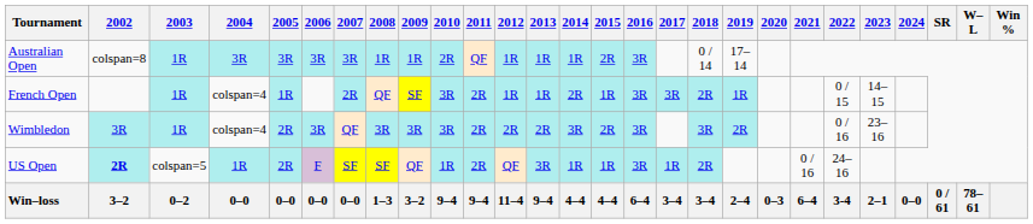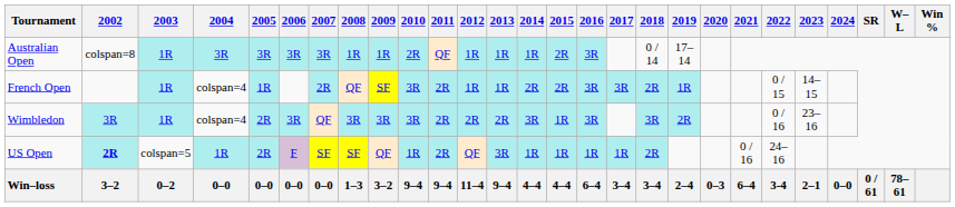 <table class=wikitable style=text-align:center>
 <tr>
 <th>Tournament</th>
 <th><a href='#'>2002</a></th>
 <th><a href='#'>2003</a></th>
 <th><a href='#'>2004</a></th>
 <th><a href='#'>2005</a></th>
 <th><a href='#'>2006</a></th>
 <th><a href='#'>2007</a></th>
 <th><a href='#'>2008</a></th>
 <th><a href='#'>2009</a></th>
 <th><a href='#'>2010</a></th>
 <th><a href='#'>2011</a></th>
 <th><a href='#'>2012</a></th>
 <th><a href='#'>2013</a></th>
 <th><a href='#'>2014</a></th>
 <th><a href='#'>2015</a></th>
 <th><a href='#'>2016</a></th>
 <th><a href='#'>2017</a></th>
 <th><a href='#'>2018</a></th>
 <th><a href='#'>2019</a></th>
 <th><a href='#'>2020</a></th>
 <th><a href='#'>2021</a></th>
 <th><a href='#'>2022</a></th>
 <th><a href='#'>2023</a></th>
 <th><a href='#'>2024</a></th>
 <th>SR</th>
 <th>W–L</th>
 <th>Win %</th>
 </tr>
 <tr>
 <td align=left><a href='#'>Australian Open</a></td>
 <td>colspan=8 </td>
 <td style=background:#afeeee><a href='#'>1R</a></td>
 <td style=background:#afeeee><a href='#'>3R</a></td>
 <td style=background:#afeeee><a href='#'>3R</a></td>
 <td style=background:#afeeee><a href='#'>3R</a></td>
 <td style=background:#afeeee><a href='#'>3R</a></td>
 <td style=background:#afeeee><a href='#'>1R</a></td>
 <td style=background:#afeeee><a href='#'>1R</a></td>
 <td style=background:#afeeee><a href='#'>2R</a></td>
 <td style=background:#ffebcd><a href='#'>QF</a></td>
 <td style=background:#afeeee><a href='#'>1R</a></td>
 <td style=background:#afeeee><a href='#'>1R</a></td>
 <td style=background:#afeeee><a href='#'>1R</a></td>
 <td style=background:#afeeee><a href='#'>2R</a></td>
 <td style=background:#afeeee><a href='#'>3R</a></td>
 <td></td>
 <td>0 / 14</td>
 <td>17–14</td>
 <td></td>
 </tr>
 <tr>
 <td align=left><a href='#'>French Open</a></td>
 <td></td>
 <td style=background:#afeeee><a href='#'>1R</a></td>
 <td>colspan=4 </td>
 <td style=background:#afeeee><a href='#'>1R</a></td>
 <td></td>
 <td style=background:#afeeee><a href='#'>2R</a></td>
 <td style=background:#ffebcd><a href='#'>QF</a></td>
 <td style=background:yellow><a href='#'>SF</a></td>
 <td style=background:#afeeee><a href='#'>3R</a></td>
 <td style=background:#afeeee><a href='#'>2R</a></td>
 <td style=background:#afeeee><a href='#'>1R</a></td>
 <td style=background:#afeeee><a href='#'>1R</a></td>
 <td style=background:#afeeee><a href='#'>2R</a></td>
-<td style=background:#afeeee><a href='#'>1R</a></td>
+<td style=background:#afeeee><a href='#'>2R</a></td>
 <td style=background:#afeeee><a href='#'>3R</a></td>
 <td style=background:#afeeee><a href='#'>3R</a></td>
 <td style=background:#afeeee><a href='#'>2R</a></td>
 <td style=background:#afeeee><a href='#'>1R</a></td>
 <td></td>
 <td></td>
 <td>0 / 15</td>
 <td>14–15</td>
 <td></td>
 </tr>
 <tr>
 <td align=left><a href='#'>Wimbledon</a></td>
 <td style=background:#afeeee><a href='#'>3R</a></td>
 <td style=background:#afeeee><a href='#'>1R</a></td>
 <td>colspan=4 </td>
 <td style=background:#afeeee><a href='#'>2R</a></td>
 <td style=background:#afeeee><a href='#'>3R</a></td>
 <td style=background:#ffebcd><a href='#'>QF</a></td>
 <td style=background:#afeeee><a href='#'>3R</a></td>
 <td style=background:#afeeee><a href='#'>3R</a></td>
 <td style=background:#afeeee><a href='#'>3R</a></td>
 <td style=background:#afeeee><a href='#'>2R</a></td>
 <td style=background:#afeeee><a href='#'>2R</a></td>
 <td style=background:#afeeee><a href='#'>2R</a></td>
 <td style=background:#afeeee><a href='#'>3R</a></td>
-<td style=background:#afeeee><a href='#'>2R</a></td>
+<td style=background:#afeeee><a href='#'>1R</a></td>
 <td style=background:#afeeee><a href='#'>3R</a></td>
 <td></td>
 <td bgcolor=afeeee><a href='#'>3R</a></td>
 <td style=background:#afeeee><a href='#'>2R</a></td>
 <td></td>
 <td></td>
 <td>0 / 16</td>
 <td>23–16</td>
 <td></td>
 </tr>
 <tr>
 <td align=left><a href='#'>US Open</a></td>
 <td style=background:#afeeee><strong><a href='#'>2R</a></strong></td>
 <td>colspan=5 </td>
 <td style=background:#afeeee><a href='#'>1R</a></td>
 <td style=background:#afeeee><a href='#'>2R</a></td>
 <td style=background:thistle><a href='#'>F</a></td>
 <td style=background:yellow><a href='#'>SF</a></td>
 <td style=background:yellow><a href='#'>SF</a></td>
 <td style=background:#ffebcd><a href='#'>QF</a></td>
 <td style=background:#afeeee><a href='#'>1R</a></td>
 <td style=background:#afeeee><a href='#'>2R</a></td>
 <td style=background:#ffebcd><a href='#'>QF</a></td>
 <td style=background:#afeeee><a href='#'>3R</a></td>
 <td style=background:#afeeee><a href='#'>1R</a></td>
 <td style=background:#afeeee><a href='#'>1R</a></td>
-<td style=background:#afeeee><a href='#'>3R</a></td>
+<td style=background:#afeeee><a href='#'>1R</a></td>
 <td style=background:#afeeee><a href='#'>1R</a></td>
 <td style=background:#afeeee><a href='#'>2R</a></td>
 <td></td>
 <td></td>
 <td>0 / 16</td>
 <td>24–16</td>
 <td></td>
 </tr>
 <tr>
 <th style=text-align:left>Win–loss</th>
 <th>3–2</th>
 <th>0–2</th>
 <th>0–0</th>
 <th>0–0</th>
 <th>0–0</th>
 <th>0–0</th>
 <th>1–3</th>
 <th>3–2</th>
 <th>9–4</th>
 <th>9–4</th>
 <th>11–4</th>
 <th>9–4</th>
 <th>4–4</th>
 <th>4–4</th>
 <th>6–4</th>
 <th>3–4</th>
 <th>3–4</th>
 <th>2–4</th>
 <th>0–3</th>
 <th>6–4</th>
 <th>3-4</th>
 <th>2–1</th>
 <th>0–0</th>
 <th>0 / 61</th>
 <th>78–61</th>
 <th></th>
 </tr>
 </table>
